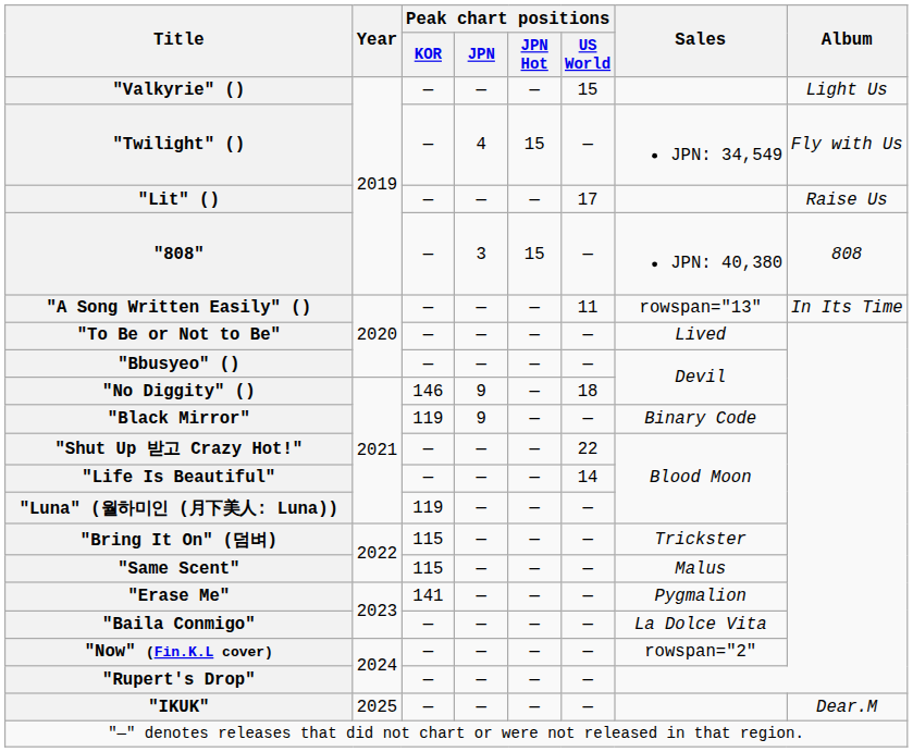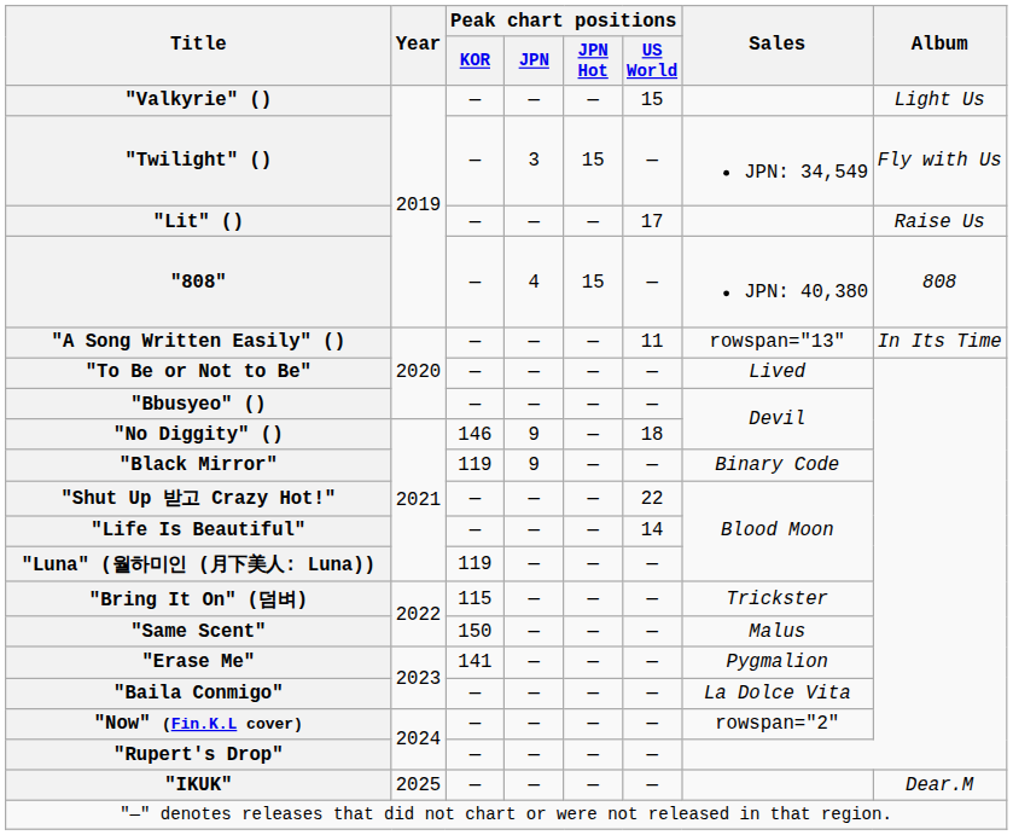 <table class="wikitable plainrowheaders" style="text-align:center;" border="1">
 <tr>
 <th scope="col" rowspan="2" style="width:20em;">Title</th>
 <th scope="col" rowspan="2">Year</th>
 <th scope="col" colspan="4">Peak chart positions</th>
 <th scope="col" rowspan="2">Sales</th>
 <th scope="col" rowspan="2">Album</th>
 </tr>
 <tr>
 <th scope="col" style="width:3em;font-size:90%;"><a href='#'>KOR</a><br></th>
 <th scope="col" style="width:3em;font-size:90%;"><a href='#'>JPN</a><br></th>
 <th scope="col" style="width:3em;font-size:90%;"><a href='#'>JPN Hot</a><br></th>
 <th scope="col" style="width:3em;font-size:90%;"><a href='#'>US World</a><br></th>
 </tr>
 <tr>
 <th scope=row>"Valkyrie" ()</th>
 <td rowspan="4">2019</td>
 <td>—</td>
 <td>—</td>
 <td>—</td>
 <td>15</td>
 <td></td>
 <td><em>Light Us</em></td>
 </tr>
 <tr>
 <th scope=row>"Twilight" ()</th>
 <td>—</td>
-<td>4</td>
+<td>3</td>
 <td>15</td>
 <td>—</td>
 <td><br><ul><li>JPN: 34,549 </li></ul></td>
 <td><em>Fly with Us</em></td>
 </tr>
 <tr>
 <th scope=row>"Lit" ()</th>
 <td>—</td>
 <td>—</td>
 <td>—</td>
 <td>17</td>
 <td></td>
 <td><em>Raise Us</em></td>
 </tr>
 <tr>
 <th scope=row>"808"</th>
 <td>—</td>
-<td>3</td>
+<td>4</td>
 <td>15</td>
 <td>—</td>
 <td><br><ul><li>JPN: 40,380 </li></ul></td>
 <td><em>808</em></td>
 </tr>
 <tr>
 <th scope=row>"A Song Written Easily" ()</th>
 <td rowspan="3">2020</td>
 <td>—</td>
 <td>—</td>
 <td>—</td>
 <td>11</td>
 <td>rowspan="13" </td>
 <td><em>In Its Time</em></td>
 </tr>
 <tr>
 <th scope=row>"To Be or Not to Be"</th>
 <td>—</td>
 <td>—</td>
 <td>—</td>
 <td>—</td>
 <td><em>Lived</em></td>
 </tr>
 <tr>
 <th scope=row>"Bbusyeo" ()</th>
 <td>—</td>
 <td>—</td>
 <td>—</td>
 <td>—</td>
 <td rowspan="2"><em>Devil</em></td>
 </tr>
 <tr>
 <th scope=row>"No Diggity" ()</th>
 <td rowspan="5">2021</td>
 <td>146</td>
 <td>9</td>
 <td>—</td>
 <td>18</td>
 </tr>
 <tr>
 <th scope=row>"Black Mirror"</th>
 <td>119</td>
 <td>9</td>
 <td>—</td>
 <td>—</td>
 <td><em>Binary Code</em></td>
 </tr>
 <tr>
 <th scope=row>"Shut Up 받고 Crazy Hot!"</th>
 <td>—</td>
 <td>—</td>
 <td>—</td>
 <td>22</td>
 <td rowspan="3"><em>Blood Moon</em></td>
 </tr>
 <tr>
 <th scope=row>"Life Is Beautiful"</th>
 <td>—</td>
 <td>—</td>
 <td>—</td>
 <td>14</td>
 </tr>
 <tr>
 <th scope=row>"Luna" (월하미인 (月下美人: Luna))</th>
 <td>119</td>
 <td>—</td>
 <td>—</td>
 <td>—</td>
 </tr>
 <tr>
 <th scope=row>"Bring It On" (덤벼)</th>
 <td rowspan="2">2022</td>
 <td>115</td>
 <td>—</td>
 <td>—</td>
 <td>—</td>
 <td><em>Trickster</em></td>
 </tr>
 <tr>
 <th scope=row>"Same Scent"</th>
-<td>115</td>
+<td>150</td>
 <td>—</td>
 <td>—</td>
 <td>—</td>
 <td><em>Malus</em></td>
 </tr>
 <tr>
 <th scope=row>"Erase Me"</th>
 <td rowspan="2">2023</td>
 <td>141</td>
 <td>—</td>
 <td>—</td>
 <td>—</td>
 <td><em>Pygmalion</em></td>
 </tr>
 <tr>
 <th scope=row>"Baila Conmigo"</th>
 <td>—</td>
 <td>—</td>
 <td>—</td>
 <td>—</td>
 <td><em>La Dolce Vita</em></td>
 </tr>
 <tr>
 <th scope="row">"Now" <small>(<a href='#'>Fin.K.L</a> cover)</small></th>
 <td rowspan="2">2024</td>
 <td>—</td>
 <td>—</td>
 <td>—</td>
 <td>—</td>
 <td>rowspan="2" </td>
 </tr>
 <tr>
 <th scope="row">"Rupert's Drop"</th>
 <td>—</td>
 <td>—</td>
 <td>—</td>
 <td>—</td>
 </tr>
 <tr>
 <th scope="row">"IKUK"</th>
 <td>2025</td>
 <td>—</td>
 <td>—</td>
 <td>—</td>
 <td —>—</td>
 <td></td>
 <td><em>Dear.M</em></td>
 </tr>
 <tr>
 <td colspan="8" style="font-size:90%">"—" denotes releases that did not chart or were not released in that region.</td>
 </tr>
 </table>
